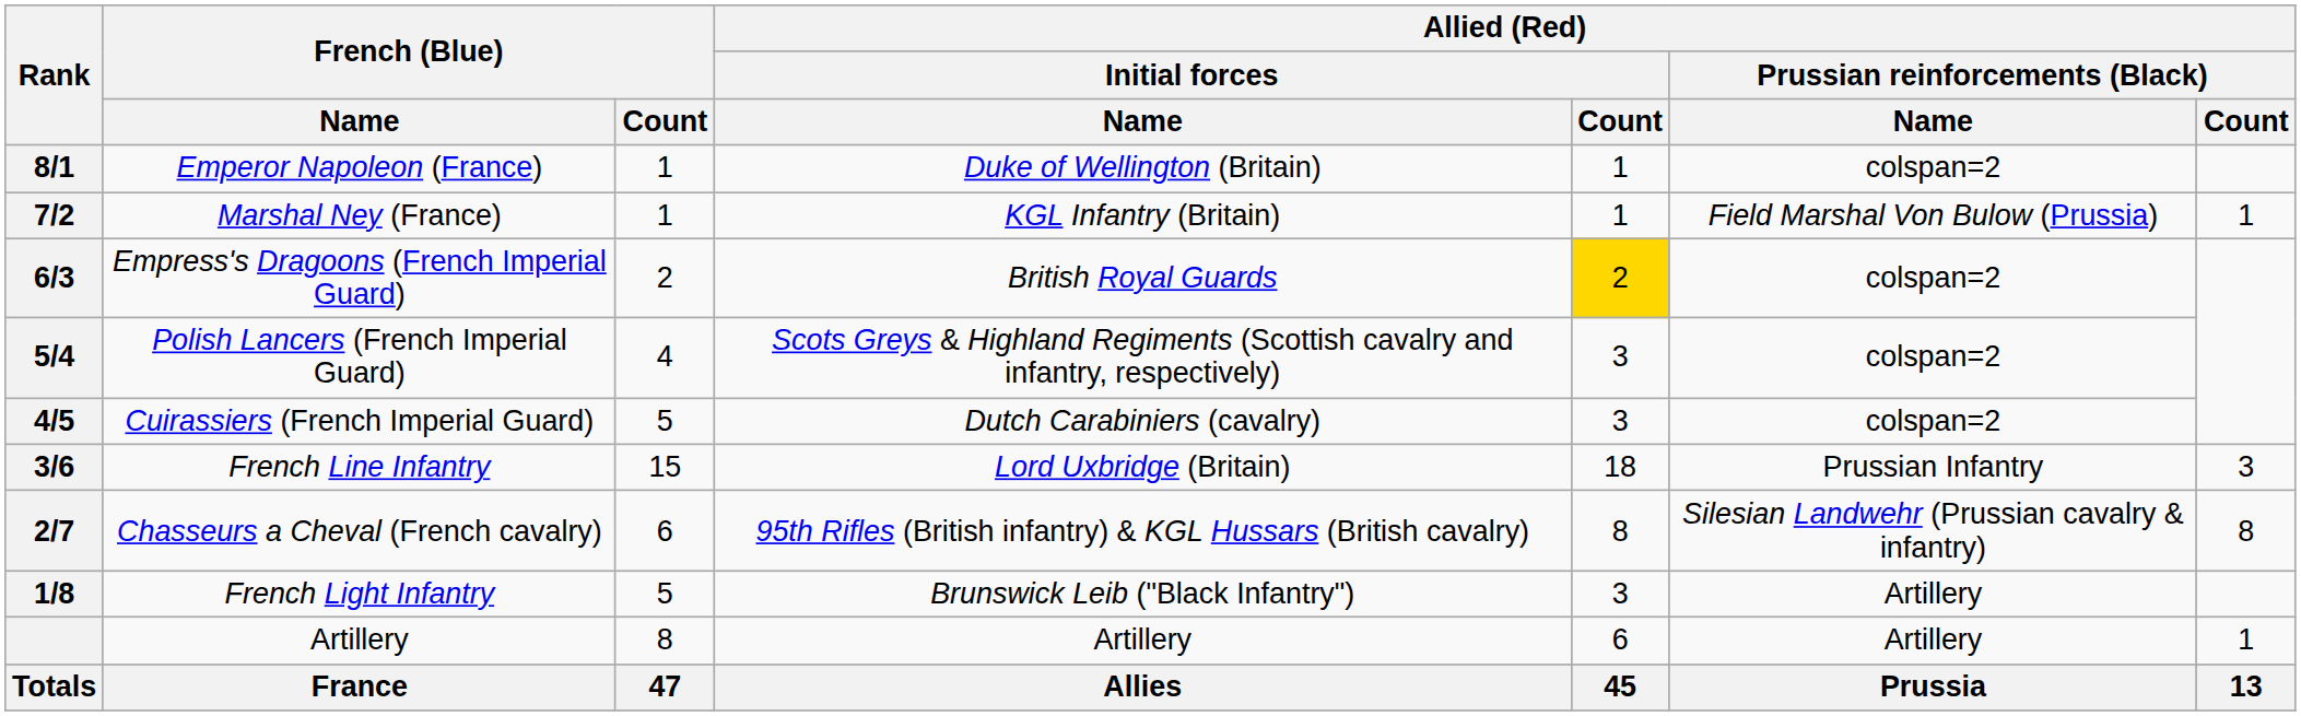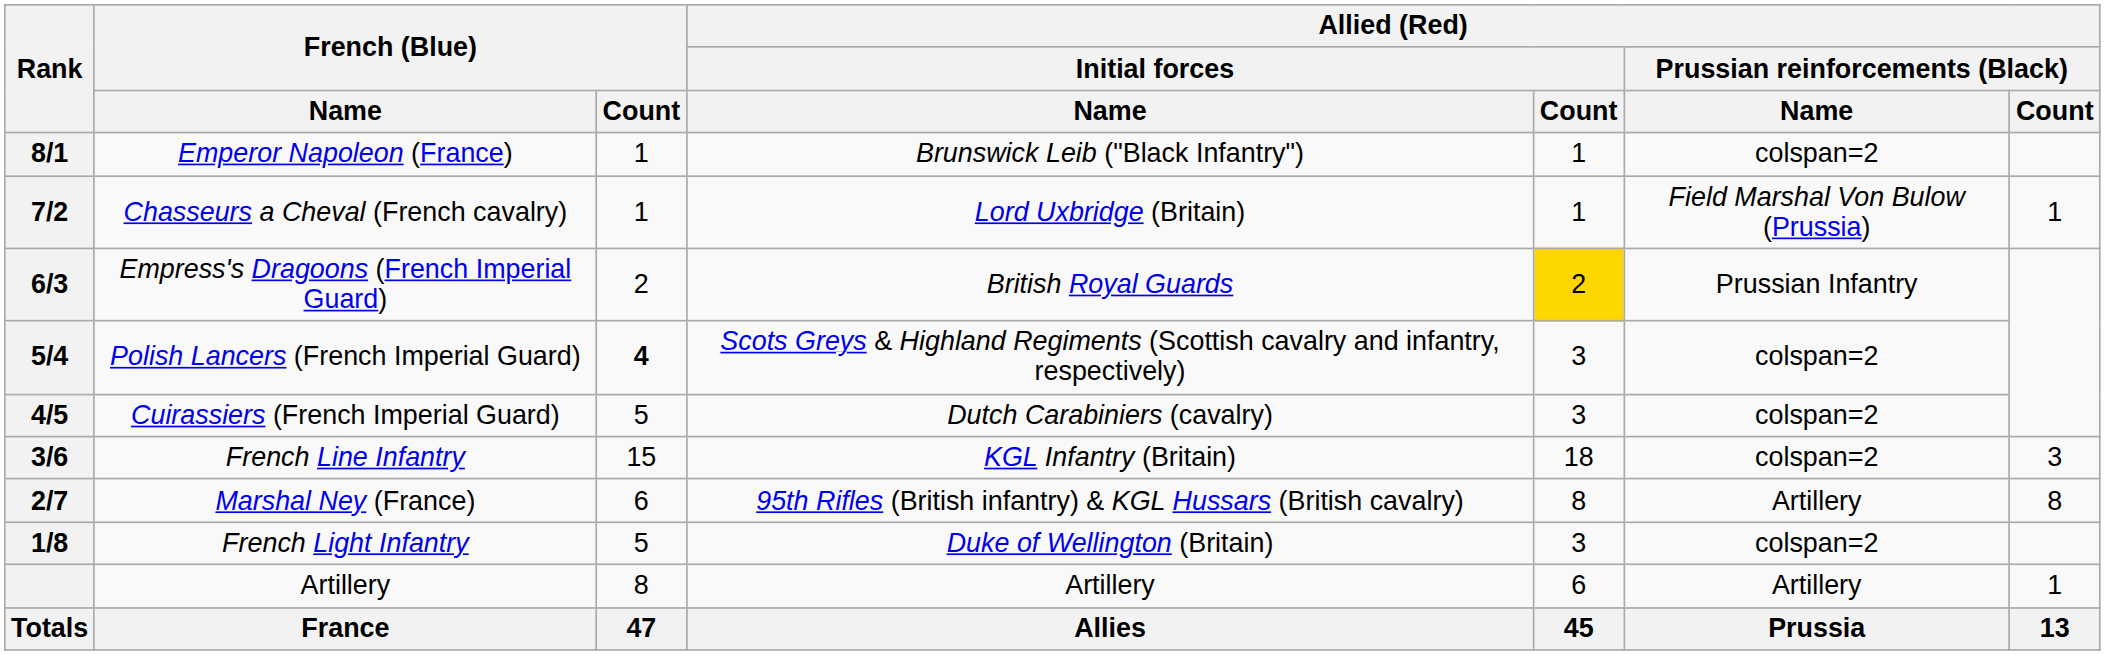 <table class="wikitable" style="font-size:100%;text-align:center;">
 <tr>
 <th rowspan=3>Rank</th>
 <th rowspan=2 colspan=2>French (Blue)</th>
 <th colspan=4>Allied (Red)</th>
 </tr>
 <tr>
 <th colspan=2>Initial forces</th>
 <th colspan=2>Prussian reinforcements (Black)</th>
 </tr>
 <tr>
 <th>Name</th>
 <th>Count</th>
 <th>Name</th>
 <th>Count</th>
 <th>Name</th>
 <th>Count</th>
 </tr>
 <tr>
 <th>8/1</th>
 <td><em><a href='#'>Emperor Napoleon</a></em> (<a href='#'>France</a>)</td>
 <td>1</td>
-<td><em><a href='#'>Duke of Wellington</a></em> (Britain)</td>
+<td><em>Brunswick Leib</em> ("Black Infantry")</td>
 <td>1</td>
 <td>colspan=2 </td>
 </tr>
 <tr>
 <th>7/2</th>
-<td><em><a href='#'>Marshal Ney</a></em> (France)</td>
+<td><em><a href='#'>Chasseurs</a> a Cheval</em> (French cavalry)</td>
 <td>1</td>
-<td><em><a href='#'>KGL</a> Infantry</em> (Britain)</td>
+<td><em><a href='#'>Lord Uxbridge</a></em> (Britain)</td>
 <td>1</td>
 <td><em>Field Marshal Von Bulow</em> (<a href='#'>Prussia</a>)</td>
 <td>1</td>
 </tr>
 <tr>
 <th>6/3</th>
 <td><em>Empress's <a href='#'>Dragoons</a></em> (<a href='#'>French Imperial Guard</a>)</td>
 <td>2</td>
 <td><em>British <a href='#'>Royal Guards</a></em></td>
 <td style="background: gold;">2</td>
-<td>colspan=2 </td>
+<td>Prussian Infantry</td>
 </tr>
 <tr>
 <th>5/4</th>
 <td><em><a href='#'>Polish Lancers</a></em> (French Imperial Guard)</td>
-<td>4</td>
+<td><strong>4</strong></td>
 <td><em><a href='#'>Scots Greys</a></em> & <em>Highland Regiments</em> (Scottish cavalry and infantry, respectively)</td>
 <td>3</td>
 <td>colspan=2 </td>
 </tr>
 <tr>
 <th>4/5</th>
 <td><em><a href='#'>Cuirassiers</a></em> (French Imperial Guard)</td>
 <td>5</td>
 <td><em>Dutch Carabiniers</em> (cavalry)</td>
 <td>3</td>
 <td>colspan=2 </td>
 </tr>
 <tr>
 <th>3/6</th>
 <td><em>French <a href='#'>Line Infantry</a></em></td>
 <td>15</td>
-<td><em><a href='#'>Lord Uxbridge</a></em> (Britain)</td>
+<td><em><a href='#'>KGL</a> Infantry</em> (Britain)</td>
 <td>18</td>
-<td>Prussian Infantry</td>
+<td>colspan=2 </td>
 <td>3</td>
 </tr>
 <tr>
 <th>2/7</th>
-<td><em><a href='#'>Chasseurs</a> a Cheval</em> (French cavalry)</td>
+<td><em><a href='#'>Marshal Ney</a></em> (France)</td>
 <td>6</td>
 <td><em><a href='#'>95th Rifles</a></em> (British infantry) & <em>KGL <a href='#'>Hussars</a></em> (British cavalry)</td>
 <td>8</td>
-<td><em>Silesian <a href='#'>Landwehr</a></em> (Prussian cavalry & infantry)</td>
+<td>Artillery</td>
 <td>8</td>
 </tr>
 <tr>
 <th>1/8</th>
 <td><em>French <a href='#'>Light Infantry</a></em></td>
 <td>5</td>
-<td><em>Brunswick Leib</em> ("Black Infantry")</td>
+<td><em><a href='#'>Duke of Wellington</a></em> (Britain)</td>
 <td>3</td>
-<td>Artillery</td>
+<td>colspan=2 </td>
 </tr>
 <tr>
 <th></th>
 <td>Artillery</td>
 <td>8</td>
 <td>Artillery</td>
 <td>6</td>
 <td>Artillery</td>
 <td>1</td>
 </tr>
 <tr>
 <th>Totals</th>
 <th>France</th>
 <th>47</th>
 <th>Allies</th>
 <th>45</th>
 <th>Prussia</th>
 <th>13</th>
 </tr>
 </table>
